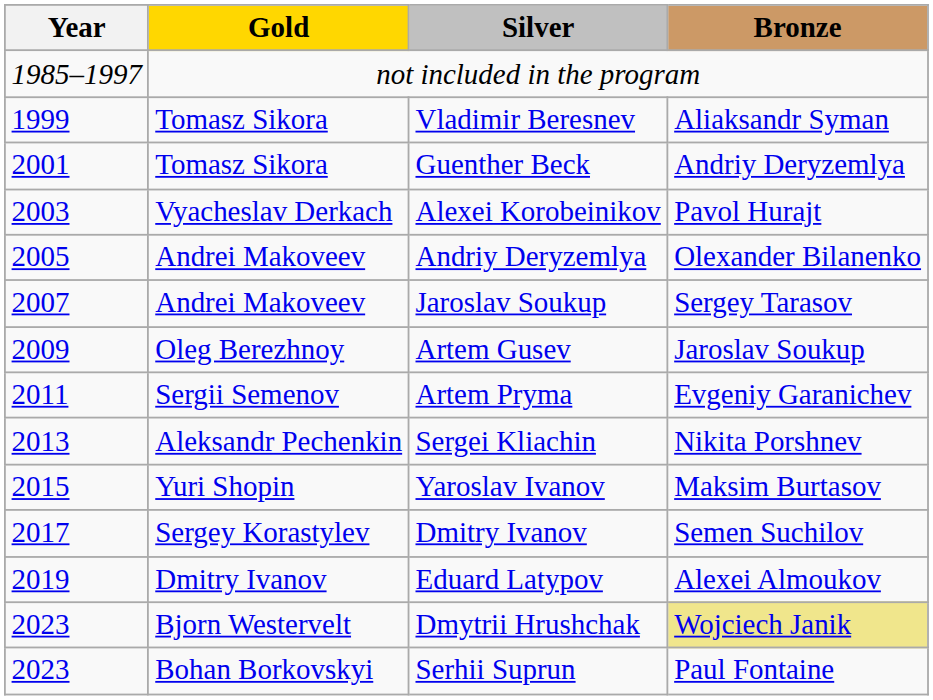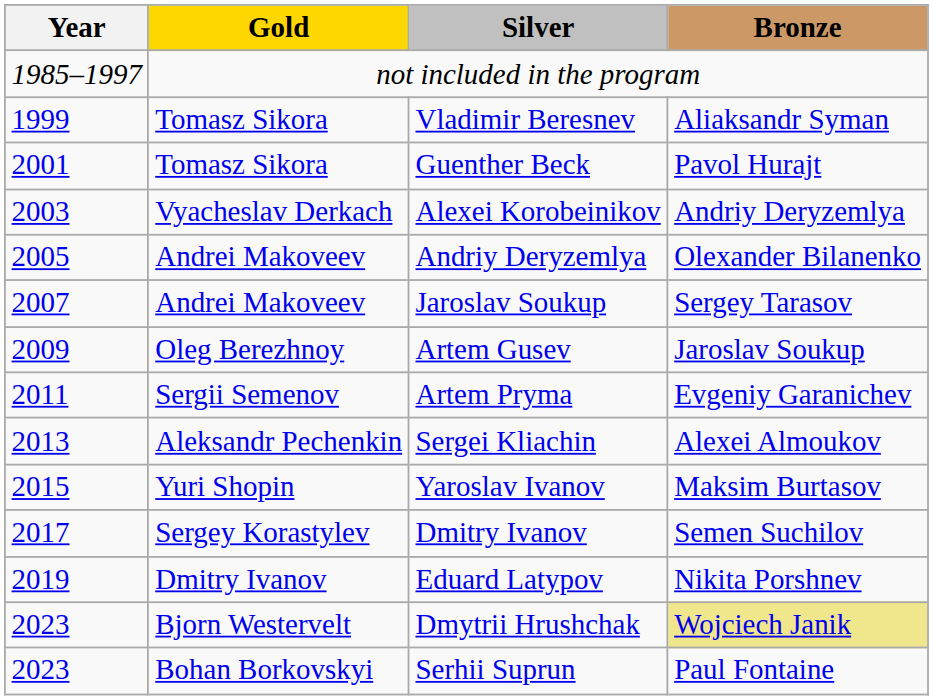 <table class="wikitable">
 <tr>
 <th>Year</th>
 <td align=center bgcolor=gold><strong>Gold</strong></td>
 <td align=center bgcolor=silver><strong>Silver</strong></td>
 <td align=center bgcolor=cc9966><strong>Bronze</strong></td>
 </tr>
 <tr>
 <td><em>1985–1997</em></td>
 <td colspan=3 align=center><em>not included in the program</em></td>
 </tr>
 <tr>
 <td><a href='#'>1999</a></td>
 <td> <a href='#'>Tomasz Sikora</a></td>
 <td> <a href='#'>Vladimir Beresnev</a></td>
 <td> <a href='#'>Aliaksandr Syman</a></td>
 </tr>
 <tr>
 <td><a href='#'>2001</a></td>
 <td> <a href='#'>Tomasz Sikora</a></td>
 <td> <a href='#'>Guenther Beck</a></td>
-<td> <a href='#'>Andriy Deryzemlya</a></td>
+<td> <a href='#'>Pavol Hurajt</a></td>
 </tr>
 <tr>
 <td><a href='#'>2003</a></td>
 <td> <a href='#'>Vyacheslav Derkach</a></td>
 <td> <a href='#'>Alexei Korobeinikov</a></td>
-<td> <a href='#'>Pavol Hurajt</a></td>
+<td> <a href='#'>Andriy Deryzemlya</a></td>
 </tr>
 <tr>
 <td><a href='#'>2005</a></td>
 <td> <a href='#'>Andrei Makoveev</a></td>
 <td> <a href='#'>Andriy Deryzemlya</a></td>
 <td> <a href='#'>Olexander Bilanenko</a></td>
 </tr>
 <tr>
 <td><a href='#'>2007</a></td>
 <td> <a href='#'>Andrei Makoveev</a></td>
 <td> <a href='#'>Jaroslav Soukup</a></td>
 <td> <a href='#'>Sergey Tarasov</a></td>
 </tr>
 <tr>
 <td><a href='#'>2009</a></td>
 <td> <a href='#'>Oleg Berezhnoy</a></td>
 <td> <a href='#'>Artem Gusev</a></td>
 <td> <a href='#'>Jaroslav Soukup</a></td>
 </tr>
 <tr>
 <td><a href='#'>2011</a></td>
 <td> <a href='#'>Sergii Semenov</a></td>
 <td> <a href='#'>Artem Pryma</a></td>
 <td> <a href='#'>Evgeniy Garanichev</a></td>
 </tr>
 <tr>
 <td><a href='#'>2013</a></td>
 <td> <a href='#'>Aleksandr Pechenkin</a></td>
 <td> <a href='#'>Sergei Kliachin</a></td>
-<td> <a href='#'>Nikita Porshnev</a></td>
+<td> <a href='#'>Alexei Almoukov</a></td>
 </tr>
 <tr>
 <td><a href='#'>2015</a></td>
 <td> <a href='#'>Yuri Shopin</a></td>
 <td> <a href='#'>Yaroslav Ivanov</a></td>
 <td> <a href='#'>Maksim Burtasov</a></td>
 </tr>
 <tr>
 <td><a href='#'>2017</a></td>
 <td> <a href='#'>Sergey Korastylev</a></td>
 <td> <a href='#'>Dmitry Ivanov</a></td>
 <td> <a href='#'>Semen Suchilov</a></td>
 </tr>
 <tr>
 <td><a href='#'>2019</a></td>
 <td> <a href='#'>Dmitry Ivanov</a></td>
 <td> <a href='#'>Eduard Latypov</a></td>
-<td> <a href='#'>Alexei Almoukov</a></td>
+<td> <a href='#'>Nikita Porshnev</a></td>
 </tr>
 <tr>
 <td><a href='#'>2023</a></td>
 <td> <a href='#'>Bjorn Westervelt</a></td>
 <td> <a href='#'>Dmytrii Hrushchak</a></td>
 <td style="background: khaki;"> <a href='#'>Wojciech Janik</a></td>
 </tr>
 <tr>
 <td><a href='#'>2023</a></td>
 <td> <a href='#'>Bohan Borkovskyi</a></td>
 <td> <a href='#'>Serhii Suprun</a></td>
 <td> <a href='#'>Paul Fontaine</a></td>
 </tr>
 </table>
